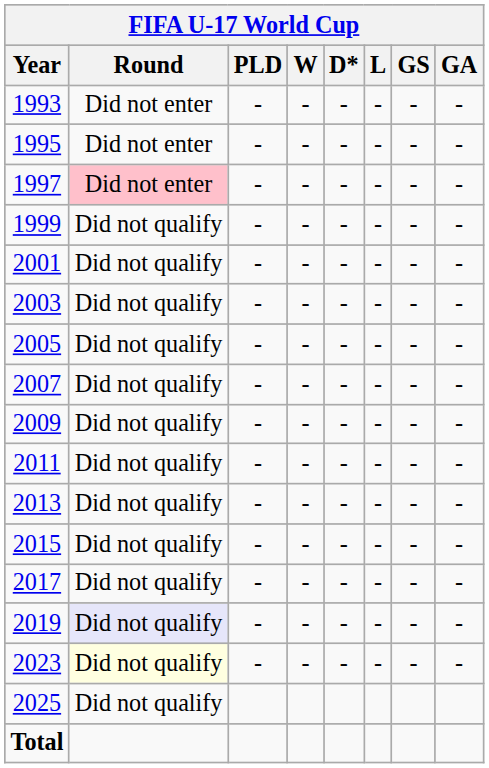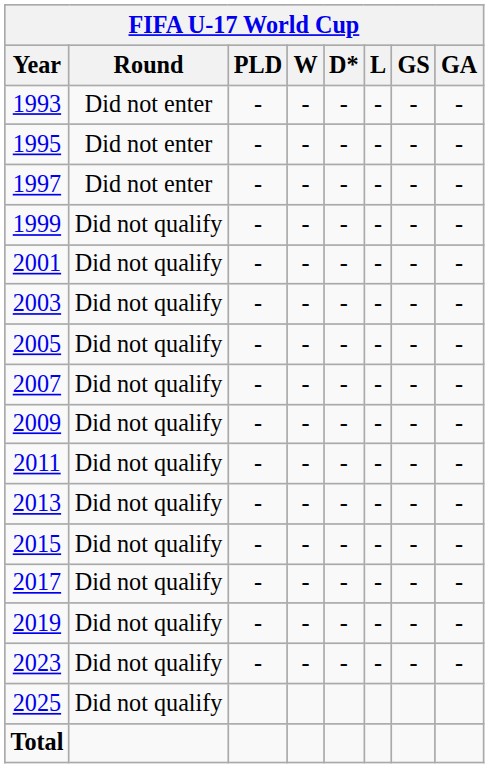 <table class="wikitable" style="text-align: center;font-size:90%;">
 <tr>
 <th colspan=9><a href='#'>FIFA U-17 World Cup</a></th>
 </tr>
 <tr>
 <th>Year</th>
 <th>Round</th>
 <th>PLD</th>
 <th>W</th>
 <th>D*</th>
 <th>L</th>
 <th>GS</th>
 <th>GA</th>
 </tr>
 <tr>
 <td> <a href='#'>1993</a></td>
 <td>Did not enter</td>
 <td>-</td>
 <td>-</td>
 <td>-</td>
 <td>-</td>
 <td>-</td>
 <td>-</td>
 </tr>
 <tr>
 <td> <a href='#'>1995</a></td>
 <td>Did not enter</td>
 <td>-</td>
 <td>-</td>
 <td>-</td>
 <td>-</td>
 <td>-</td>
 <td>-</td>
 </tr>
 <tr>
 <td> <a href='#'>1997</a></td>
-<td style="background: pink;">Did not enter</td>
+<td>Did not enter</td>
 <td>-</td>
 <td>-</td>
 <td>-</td>
 <td>-</td>
 <td>-</td>
 <td>-</td>
 </tr>
 <tr>
 <td> <a href='#'>1999</a></td>
 <td>Did not qualify</td>
 <td>-</td>
 <td>-</td>
 <td>-</td>
 <td>-</td>
 <td>-</td>
 <td>-</td>
 </tr>
 <tr>
 <td> <a href='#'>2001</a></td>
 <td>Did not qualify</td>
 <td>-</td>
 <td>-</td>
 <td>-</td>
 <td>-</td>
 <td>-</td>
 <td>-</td>
 </tr>
 <tr>
 <td> <a href='#'>2003</a></td>
 <td>Did not qualify</td>
 <td>-</td>
 <td>-</td>
 <td>-</td>
 <td>-</td>
 <td>-</td>
 <td>-</td>
 </tr>
 <tr>
 <td> <a href='#'>2005</a></td>
 <td>Did not qualify</td>
 <td>-</td>
 <td>-</td>
 <td>-</td>
 <td>-</td>
 <td>-</td>
 <td>-</td>
 </tr>
 <tr>
 <td> <a href='#'>2007</a></td>
 <td>Did not qualify</td>
 <td>-</td>
 <td>-</td>
 <td>-</td>
 <td>-</td>
 <td>-</td>
 <td>-</td>
 </tr>
 <tr>
 <td> <a href='#'>2009</a></td>
 <td>Did not qualify</td>
 <td>-</td>
 <td>-</td>
 <td>-</td>
 <td>-</td>
 <td>-</td>
 <td>-</td>
 </tr>
 <tr>
 <td> <a href='#'>2011</a></td>
 <td>Did not qualify</td>
 <td>-</td>
 <td>-</td>
 <td>-</td>
 <td>-</td>
 <td>-</td>
 <td>-</td>
 </tr>
 <tr>
 <td> <a href='#'>2013</a></td>
 <td>Did not qualify</td>
 <td>-</td>
 <td>-</td>
 <td>-</td>
 <td>-</td>
 <td>-</td>
 <td>-</td>
 </tr>
 <tr>
 <td> <a href='#'>2015</a></td>
 <td>Did not qualify</td>
 <td>-</td>
 <td>-</td>
 <td>-</td>
 <td>-</td>
 <td>-</td>
 <td>-</td>
 </tr>
 <tr>
 <td> <a href='#'>2017</a></td>
 <td>Did not qualify</td>
 <td>-</td>
 <td>-</td>
 <td>-</td>
 <td>-</td>
 <td>-</td>
 <td>-</td>
 </tr>
 <tr>
 <td> <a href='#'>2019</a></td>
-<td style="background: lavender;">Did not qualify</td>
+<td>Did not qualify</td>
 <td>-</td>
 <td>-</td>
 <td>-</td>
 <td>-</td>
 <td>-</td>
 <td>-</td>
 </tr>
 <tr>
 <td> <a href='#'>2023</a></td>
-<td style="background: lightyellow;">Did not qualify</td>
+<td>Did not qualify</td>
 <td>-</td>
 <td>-</td>
 <td>-</td>
 <td>-</td>
 <td>-</td>
 <td>-</td>
 </tr>
 <tr>
 <td> <a href='#'>2025</a></td>
 <td>Did not qualify</td>
 <td></td>
 <td></td>
 <td></td>
 <td></td>
 <td></td>
 <td></td>
 </tr>
 <tr>
 <td><strong>Total</strong></td>
 <td></td>
 <td></td>
 <td></td>
 <td></td>
 <td></td>
 <td></td>
 <td></td>
 </tr>
 </table>
